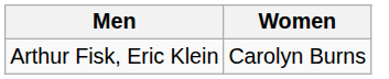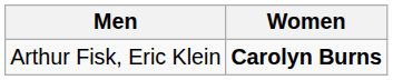 <table class="wikitable">
 <tr>
 <th>Men</th>
 <th>Women</th>
 </tr>
 <tr>
 <td>Arthur Fisk, Eric Klein</td>
-<td>Carolyn Burns</td>
+<td><strong>Carolyn Burns</strong></td>
 </tr>
 </table>
